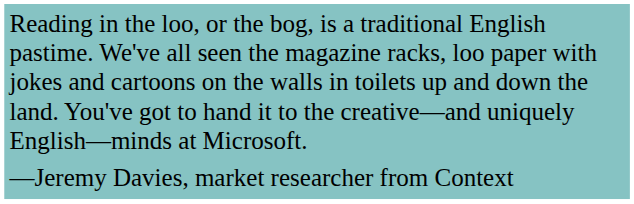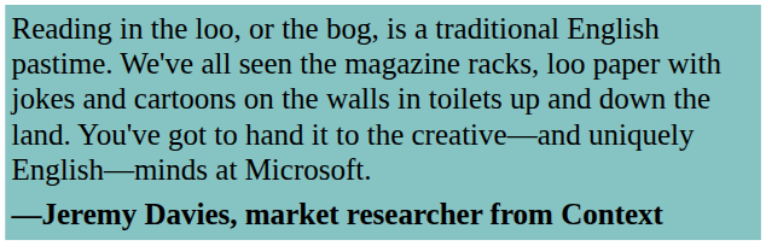 <table class="toccolours" style="float: right; margin-left: 1em; margin-right: 2em; font-size: 85%; background:#86C3C3; color:black; width:25em; max-width: 25%;">
 <tr>
 <td style="text-align: left;">Reading in the loo, or the bog, is a traditional English pastime. We've all seen the magazine racks, loo paper with jokes and cartoons on the walls in toilets up and down the land. You've got to hand it to the creative—and uniquely English—minds at Microsoft.</td>
 </tr>
 <tr>
-<td style="text-align: left;">—Jeremy Davies, market researcher from Context</td>
+<td style="text-align: left;"><strong>—Jeremy Davies, market researcher from Context</strong></td>
 </tr>
 </table>
